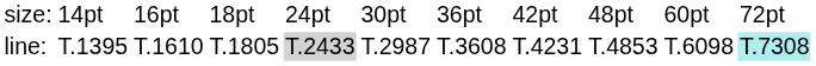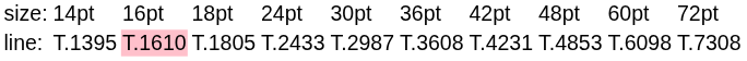 <table style="margin-left:40px;">
 <tr>
 <td>size:</td>
 <td>14pt</td>
 <td>16pt</td>
 <td>18pt</td>
 <td>24pt</td>
 <td>30pt</td>
 <td>36pt</td>
 <td>42pt</td>
 <td>48pt</td>
 <td>60pt</td>
 <td>72pt</td>
 </tr>
 <tr>
 <td>line:</td>
 <td>T.1395</td>
-<td>T.1610</td>
+<td style="background: pink;">T.1610</td>
 <td>T.1805</td>
-<td style="background: lightgrey;">T.2433</td>
+<td>T.2433</td>
 <td>T.2987</td>
 <td>T.3608</td>
 <td>T.4231</td>
 <td>T.4853</td>
 <td>T.6098</td>
-<td style="background: paleturquoise;">T.7308</td>
+<td>T.7308</td>
 </tr>
 </table>
